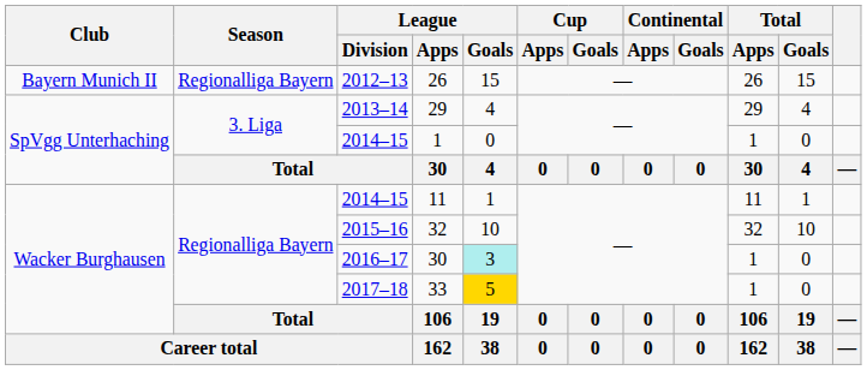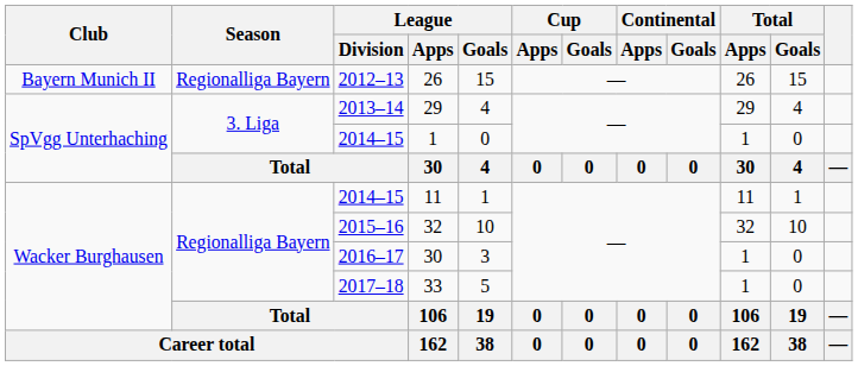 <table class="wikitable" style="text-align: center">
 <tr>
 <th rowspan=2>Club</th>
 <th rowspan=2>Season</th>
 <th colspan=3>League</th>
 <th colspan=2>Cup</th>
 <th colspan=2>Continental</th>
 <th colspan=2>Total</th>
 <th rowspan=2></th>
 </tr>
 <tr>
 <th>Division</th>
 <th>Apps</th>
 <th>Goals</th>
 <th>Apps</th>
 <th>Goals</th>
 <th>Apps</th>
 <th>Goals</th>
 <th>Apps</th>
 <th>Goals</th>
 </tr>
 <tr>
 <td><a href='#'>Bayern Munich II</a></td>
 <td><a href='#'>Regionalliga Bayern</a></td>
 <td><a href='#'>2012–13</a></td>
 <td>26</td>
 <td>15</td>
 <td colspan=4>—</td>
 <td>26</td>
 <td>15</td>
 <td></td>
 </tr>
 <tr>
 <td rowspan=3><a href='#'>SpVgg Unterhaching</a></td>
 <td rowspan=2><a href='#'>3. Liga</a></td>
 <td><a href='#'>2013–14</a></td>
 <td>29</td>
 <td>4</td>
 <td rowspan=2 colspan=4>—</td>
 <td>29</td>
 <td>4</td>
 <td></td>
 </tr>
 <tr>
 <td><a href='#'>2014–15</a></td>
 <td>1</td>
 <td>0</td>
 <td>1</td>
 <td>0</td>
 <td></td>
 </tr>
 <tr>
 <th colspan=2>Total</th>
 <th>30</th>
 <th>4</th>
 <th>0</th>
 <th>0</th>
 <th>0</th>
 <th>0</th>
 <th>30</th>
 <th>4</th>
 <th>—</th>
 </tr>
 <tr>
 <td rowspan=5><a href='#'>Wacker Burghausen</a></td>
 <td rowspan=4><a href='#'>Regionalliga Bayern</a></td>
 <td><a href='#'>2014–15</a></td>
 <td>11</td>
 <td>1</td>
 <td rowspan=4 colspan=4>—</td>
 <td>11</td>
 <td>1</td>
 <td></td>
 </tr>
 <tr>
 <td><a href='#'>2015–16</a></td>
 <td>32</td>
 <td>10</td>
 <td>32</td>
 <td>10</td>
 <td></td>
 </tr>
 <tr>
 <td><a href='#'>2016–17</a></td>
 <td>30</td>
-<td style="background: paleturquoise;">3</td>
+<td>3</td>
 <td>1</td>
 <td>0</td>
 <td></td>
 </tr>
 <tr>
 <td><a href='#'>2017–18</a></td>
 <td>33</td>
-<td style="background: gold;">5</td>
+<td>5</td>
 <td>1</td>
 <td>0</td>
 <td></td>
 </tr>
 <tr>
 <th colspan=2>Total</th>
 <th>106</th>
 <th>19</th>
 <th>0</th>
 <th>0</th>
 <th>0</th>
 <th>0</th>
 <th>106</th>
 <th>19</th>
 <th>—</th>
 </tr>
 <tr>
 <th colspan=3>Career total</th>
 <th>162</th>
 <th>38</th>
 <th>0</th>
 <th>0</th>
 <th>0</th>
 <th>0</th>
 <th>162</th>
 <th>38</th>
 <th>—</th>
 </tr>
 </table>
